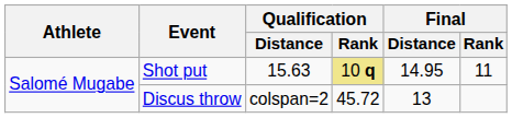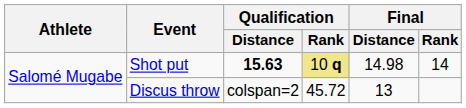 <table class="wikitable" style="font-size:90%">
 <tr>
 <th rowspan=2>Athlete</th>
 <th rowspan=2>Event</th>
 <th colspan=2>Qualification</th>
 <th colspan=2>Final</th>
 </tr>
 <tr style="font-size:95%">
 <th>Distance</th>
 <th>Rank</th>
 <th>Distance</th>
 <th>Rank</th>
 </tr>
 <tr align=center>
 <td align=left rowspan=2><a href='#'>Salomé Mugabe</a></td>
 <td style="text-align:left;"><a href='#'>Shot put</a></td>
-<td>15.63</td>
+<td><strong>15.63</strong></td>
 <td style="background: khaki;">10 <strong>q</strong></td>
-<td>14.95</td>
-<td>11</td>
+<td>14.98</td>
+<td>14</td>
 </tr>
 <tr align=center>
 <td style="text-align:left;"><a href='#'>Discus throw</a></td>
 <td>colspan=2</td>
 <td>45.72</td>
 <td>13</td>
 </tr>
 </table>
